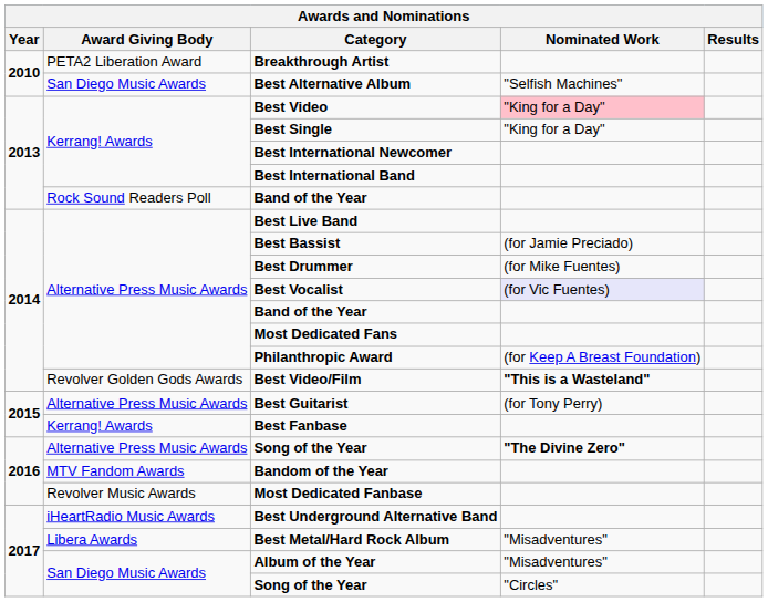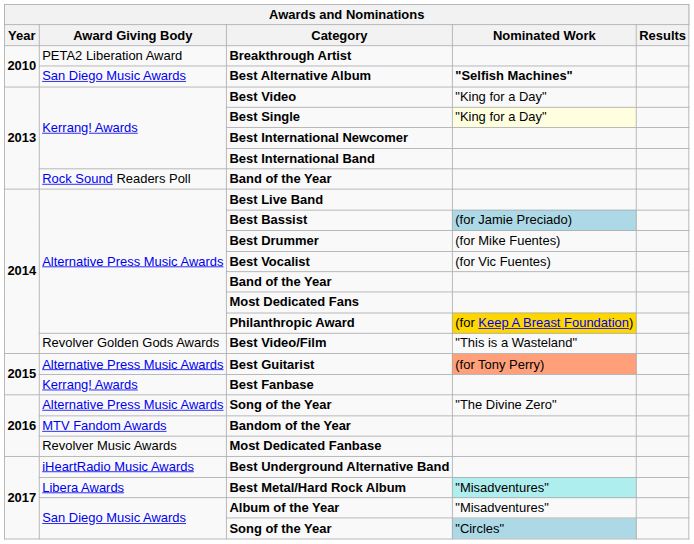 <table class="wikitable">
 <tr style="background:#75b2dd; text-align:center;">
 <th colspan="5">Awards and Nominations</th>
 </tr>
 <tr>
 <th>Year</th>
 <th>Award Giving Body</th>
 <th>Category</th>
 <th>Nominated Work</th>
 <th>Results</th>
 </tr>
 <tr>
 <td rowspan=2><strong>2010</strong></td>
 <td>PETA2 Liberation Award</td>
 <td><strong>Breakthrough Artist</strong></td>
 <td></td>
 <td></td>
 </tr>
 <tr>
 <td><a href='#'>San Diego Music Awards</a></td>
 <td><strong>Best Alternative Album</strong></td>
-<td>"Selfish Machines"</td>
+<td><strong>"Selfish Machines"</strong></td>
 <td></td>
 </tr>
 <tr>
 <td rowspan=5><strong>2013</strong></td>
 <td rowspan=4><a href='#'>Kerrang! Awards</a></td>
 <td><strong>Best Video</strong></td>
-<td style="background: pink;">"King for a Day"</td>
+<td>"King for a Day"</td>
 <td></td>
 </tr>
 <tr>
 <td><strong>Best Single</strong></td>
-<td>"King for a Day"</td>
+<td style="background: lightyellow;">"King for a Day"</td>
 <td></td>
 </tr>
 <tr>
 <td><strong>Best International Newcomer</strong></td>
 <td></td>
 <td></td>
 </tr>
 <tr>
 <td><strong>Best International Band</strong></td>
 <td></td>
 <td></td>
 </tr>
 <tr>
 <td><a href='#'>Rock Sound</a> Readers Poll</td>
 <td><strong>Band of the Year</strong></td>
 <td></td>
 <td></td>
 </tr>
 <tr>
 <td rowspan=8><strong>2014</strong></td>
 <td rowspan=7><a href='#'>Alternative Press Music Awards</a></td>
 <td><strong>Best Live Band</strong></td>
 <td></td>
 <td></td>
 </tr>
 <tr>
 <td><strong>Best Bassist</strong></td>
-<td>(for Jamie Preciado)</td>
+<td style="background: lightblue;">(for Jamie Preciado)</td>
 <td></td>
 </tr>
 <tr>
 <td><strong>Best Drummer</strong></td>
 <td>(for Mike Fuentes)</td>
 <td></td>
 </tr>
 <tr>
 <td><strong>Best Vocalist</strong></td>
-<td style="background: lavender;">(for Vic Fuentes)</td>
+<td>(for Vic Fuentes)</td>
 <td></td>
 </tr>
 <tr>
 <td><strong>Band of the Year</strong></td>
 <td></td>
 <td></td>
 </tr>
 <tr>
 <td><strong>Most Dedicated Fans</strong></td>
 <td></td>
 <td></td>
 </tr>
 <tr>
 <td><strong>Philanthropic Award</strong></td>
-<td>(for <a href='#'>Keep A Breast Foundation</a>)</td>
+<td style="background: gold;">(for <a href='#'>Keep A Breast Foundation</a>)</td>
 <td></td>
 </tr>
 <tr>
 <td>Revolver Golden Gods Awards</td>
 <td><strong>Best Video/Film</strong></td>
-<td><strong>"This is a Wasteland"</strong></td>
+<td>"This is a Wasteland"</td>
 <td></td>
 </tr>
 <tr>
 <td rowspan=2><strong>2015</strong></td>
 <td><a href='#'>Alternative Press Music Awards</a></td>
 <td><strong>Best Guitarist</strong></td>
-<td>(for Tony Perry)</td>
+<td style="background: lightsalmon;">(for Tony Perry)</td>
 <td></td>
 </tr>
 <tr>
 <td><a href='#'>Kerrang! Awards</a></td>
 <td><strong>Best Fanbase</strong></td>
 <td></td>
 <td></td>
 </tr>
 <tr>
 <td rowspan=3><strong>2016</strong></td>
 <td><a href='#'>Alternative Press Music Awards</a></td>
 <td><strong>Song of the Year</strong></td>
-<td><strong>"The Divine Zero"</strong></td>
+<td>"The Divine Zero"</td>
 <td></td>
 </tr>
 <tr>
 <td><a href='#'>MTV Fandom Awards</a></td>
 <td><strong>Bandom of the Year</strong></td>
 <td></td>
 <td></td>
 </tr>
 <tr>
 <td>Revolver Music Awards</td>
 <td><strong>Most Dedicated Fanbase</strong></td>
 <td></td>
 <td></td>
 </tr>
 <tr>
 <td rowspan=4><strong>2017</strong></td>
 <td><a href='#'>iHeartRadio Music Awards</a></td>
 <td><strong>Best Underground Alternative Band</strong></td>
 <td></td>
 <td></td>
 </tr>
 <tr>
 <td><a href='#'>Libera Awards</a></td>
 <td><strong>Best Metal/Hard Rock Album</strong></td>
-<td>"Misadventures"</td>
+<td style="background: paleturquoise;">"Misadventures"</td>
 <td></td>
 </tr>
 <tr>
 <td rowspan=2><a href='#'>San Diego Music Awards</a></td>
 <td><strong>Album of the Year</strong></td>
 <td>"Misadventures"</td>
 <td></td>
 </tr>
 <tr>
 <td><strong>Song of the Year</strong></td>
-<td>"Circles"</td>
+<td style="background: lightblue;">"Circles"</td>
 <td></td>
 </tr>
 </table>
